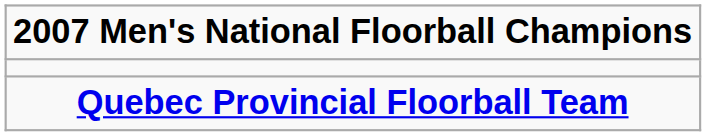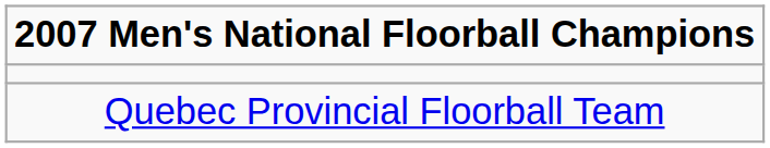 <table class="wikitable" style="text-align:center;float:right; margin-left:1em;">
 <tr>
 <td colspan="4"><strong>2007 Men's National Floorball Champions</strong></td>
 </tr>
 <tr>
 <td style="border;"></td>
 </tr>
 <tr>
-<td style="border-left; border-right;"><strong><a href='#'>Quebec Provincial Floorball Team</a></strong></td>
+<td style="border-left; border-right;"><a href='#'>Quebec Provincial Floorball Team</a></td>
 </tr>
 </table>
